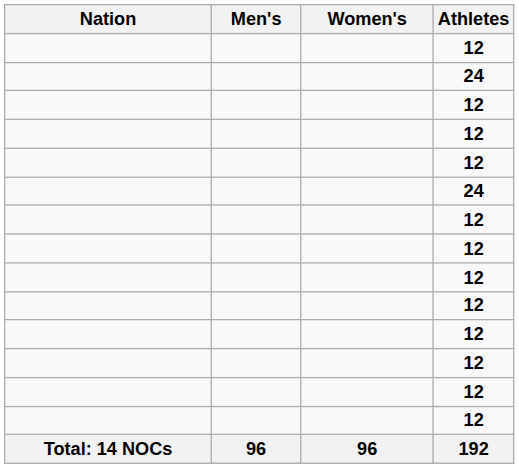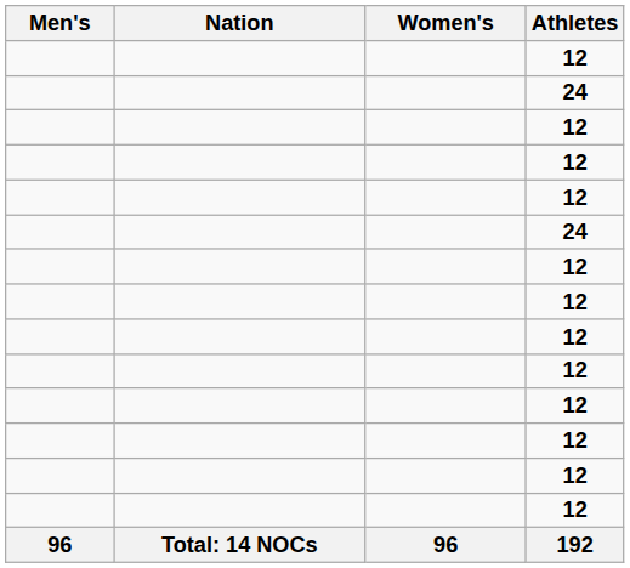 <table class="wikitable sortable" width=405 style="text-align:center; font-size:90%">
 <tr>
+<th>Men's</th>
 <th>Nation</th>
-<th>Men's</th>
 <th>Women's</th>
 <th width=55>Athletes</th>
 </tr>
 <tr>
+<td></td>
 <td style="text-align:left;"></td>
-<td></td>
 <td></td>
 <td><strong>12</strong></td>
 </tr>
 <tr>
+<td></td>
 <td style="text-align:left;"></td>
-<td></td>
 <td></td>
 <td><strong>24</strong></td>
 </tr>
 <tr>
+<td></td>
 <td style="text-align:left;"></td>
-<td></td>
 <td></td>
 <td><strong>12</strong></td>
 </tr>
 <tr>
+<td></td>
 <td style="text-align:left;"></td>
-<td></td>
 <td></td>
 <td><strong>12</strong></td>
 </tr>
 <tr>
+<td></td>
 <td style="text-align:left;"></td>
-<td></td>
 <td></td>
 <td><strong>12</strong></td>
 </tr>
 <tr>
+<td></td>
 <td style="text-align:left;"></td>
-<td></td>
 <td></td>
 <td><strong>24</strong></td>
 </tr>
 <tr>
+<td></td>
 <td style="text-align:left;"></td>
-<td></td>
 <td></td>
 <td><strong>12</strong></td>
 </tr>
 <tr>
+<td></td>
 <td style="text-align:left;"></td>
-<td></td>
 <td></td>
 <td><strong>12</strong></td>
 </tr>
 <tr>
+<td></td>
 <td style="text-align:left;"></td>
-<td></td>
 <td></td>
 <td><strong>12</strong></td>
 </tr>
 <tr>
+<td></td>
 <td style="text-align:left;"></td>
-<td></td>
 <td></td>
 <td><strong>12</strong></td>
 </tr>
 <tr>
+<td></td>
 <td style="text-align:left;"></td>
-<td></td>
 <td></td>
 <td><strong>12</strong></td>
 </tr>
 <tr>
+<td></td>
 <td style="text-align:left;"></td>
-<td></td>
 <td></td>
 <td><strong>12</strong></td>
 </tr>
 <tr>
+<td></td>
 <td style="text-align:left;"></td>
-<td></td>
 <td></td>
 <td><strong>12</strong></td>
 </tr>
 <tr>
+<td></td>
 <td style="text-align:left;"></td>
-<td></td>
 <td></td>
 <td><strong>12</strong></td>
 </tr>
 <tr>
+<th>96</th>
 <th>Total: 14 NOCs</th>
-<th>96</th>
 <th>96</th>
 <th>192</th>
 </tr>
 </table>
